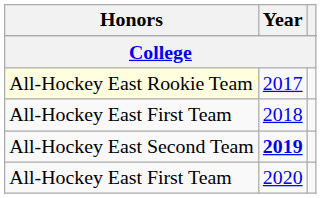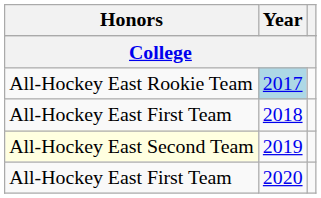 <table class="wikitable">
 <tr>
 <th>Honors</th>
 <th>Year</th>
 <th></th>
 </tr>
 <tr>
 </tr>
 <tr>
 <th colspan="3"><a href='#'>College</a></th>
 </tr>
 <tr>
-<td style="background: lightyellow;">All-Hockey East Rookie Team</td>
-<td><a href='#'>2017</a></td>
+<td>All-Hockey East Rookie Team</td>
+<td style="background: lightblue;"><a href='#'>2017</a></td>
 <td></td>
 </tr>
 <tr>
 <td>All-Hockey East First Team</td>
 <td><a href='#'>2018</a></td>
 <td></td>
 </tr>
 <tr>
-<td>All-Hockey East Second Team</td>
-<td><strong><a href='#'>2019</a></strong></td>
+<td style="background: lightyellow;">All-Hockey East Second Team</td>
+<td><a href='#'>2019</a></td>
 <td></td>
 </tr>
 <tr>
 <td>All-Hockey East First Team</td>
 <td><a href='#'>2020</a></td>
 <td></td>
 </tr>
 </table>
